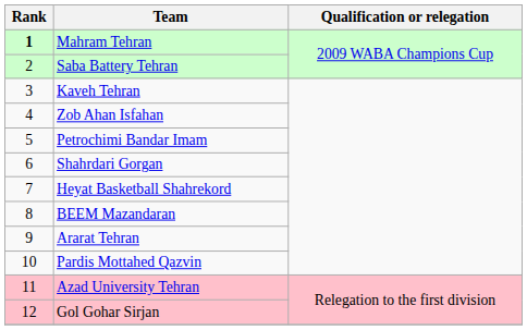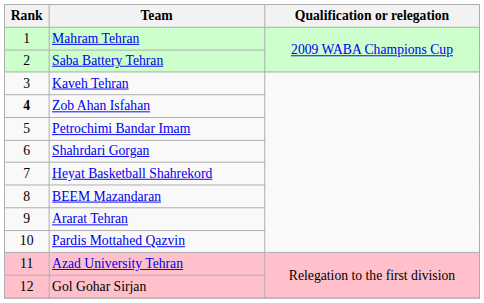 <table class="wikitable" style="text-align:center; font-size:90%">
 <tr>
 <th width=40>Rank</th>
 <th width=220>Team</th>
 <th width=220>Qualification or relegation</th>
 </tr>
 <tr bgcolor=ccffcc>
-<td><strong>1</strong></td>
+<td>1</td>
 <td align="left"><a href='#'>Mahram Tehran</a></td>
 <td rowspan=2><a href='#'>2009 WABA Champions Cup</a></td>
 </tr>
 <tr bgcolor=ccffcc>
 <td>2</td>
 <td align="left"><a href='#'>Saba Battery Tehran</a></td>
 </tr>
 <tr>
 <td>3</td>
 <td align="left"><a href='#'>Kaveh Tehran</a></td>
 <td rowspan=8></td>
 </tr>
 <tr>
-<td>4</td>
+<td><strong>4</strong></td>
 <td align="left"><a href='#'>Zob Ahan Isfahan</a></td>
 </tr>
 <tr>
 <td>5</td>
 <td align="left"><a href='#'>Petrochimi Bandar Imam</a></td>
 </tr>
 <tr>
 <td>6</td>
 <td align="left"><a href='#'>Shahrdari Gorgan</a></td>
 </tr>
 <tr>
 <td>7</td>
 <td align="left"><a href='#'>Heyat Basketball Shahrekord</a></td>
 </tr>
 <tr>
 <td>8</td>
 <td align="left"><a href='#'>BEEM Mazandaran</a></td>
 </tr>
 <tr>
 <td>9</td>
 <td align="left"><a href='#'>Ararat Tehran</a></td>
 </tr>
 <tr>
 <td>10</td>
 <td align="left"><a href='#'>Pardis Mottahed Qazvin</a></td>
 </tr>
 <tr bgcolor=pink>
 <td>11</td>
 <td align="left"><a href='#'>Azad University Tehran</a></td>
 <td rowspan=2>Relegation to the first division</td>
 </tr>
 <tr bgcolor=pink>
 <td>12</td>
 <td align="left">Gol Gohar Sirjan</td>
 </tr>
 <tr>
 </tr>
 </table>
